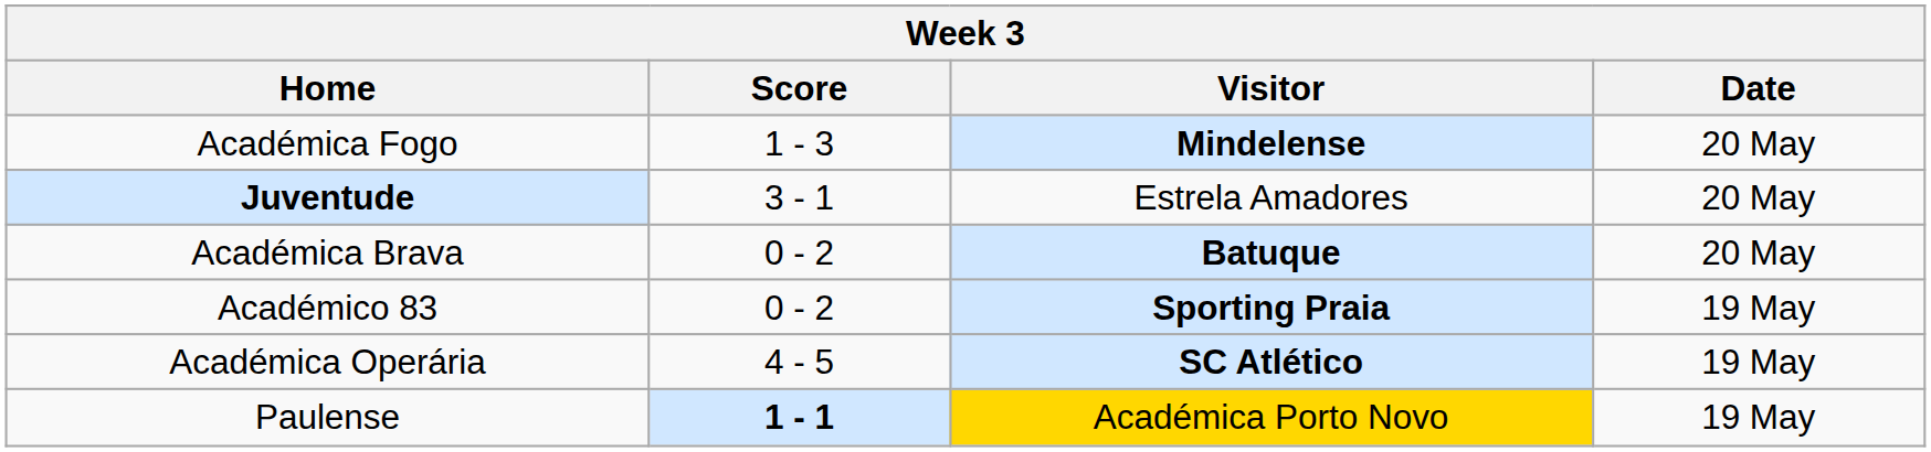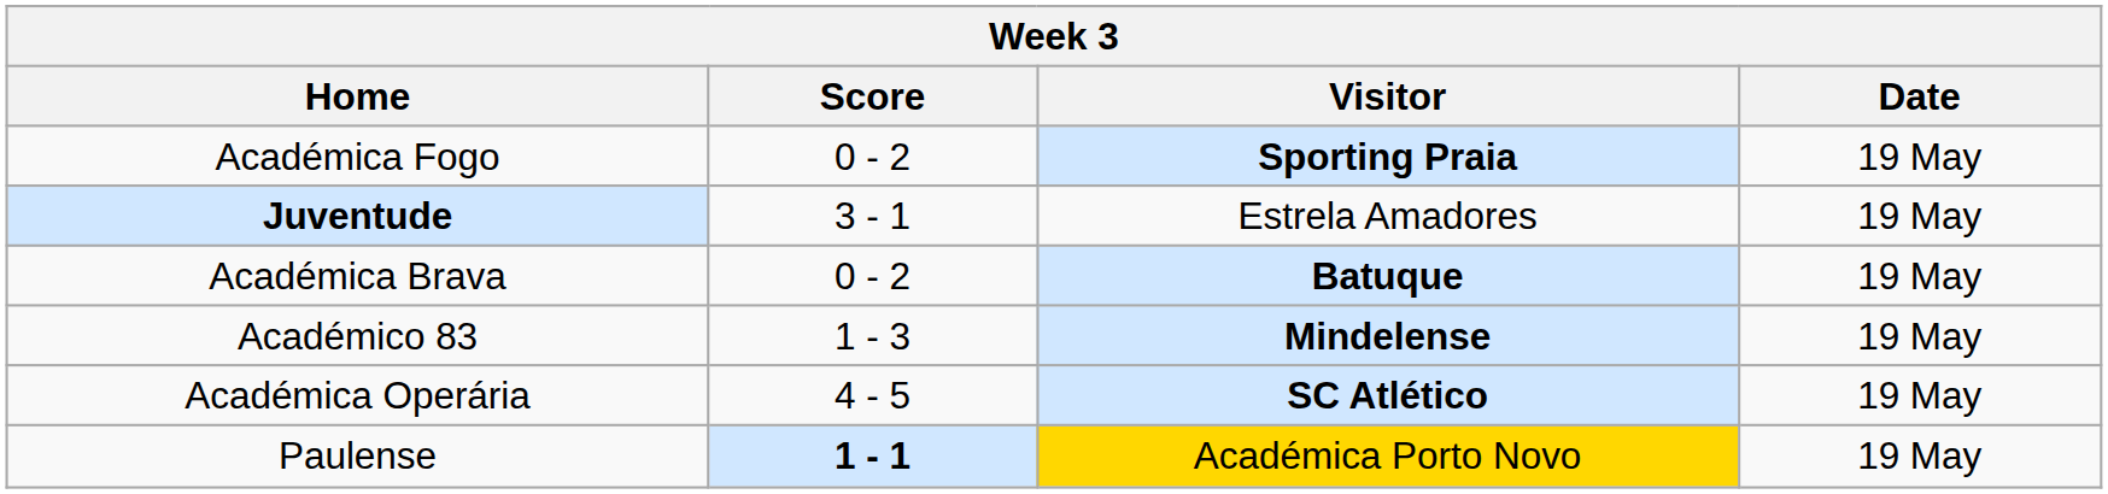 <table class="wikitable" style="font-size:95%; text-align: center; width: 95%; margin:1em auto;">
 <tr>
 <th colspan="12" style="with: 100%;">Week 3</th>
 </tr>
 <tr>
 <th width="200">Home</th>
 <th width="90">Score</th>
 <th width="200">Visitor</th>
 <th width="100">Date</th>
 </tr>
 <tr>
 <td>Académica Fogo</td>
-<td>1 - 3</td>
-<td bgcolor=#D0E7FF><strong>Mindelense</strong></td>
-<td>20 May</td>
+<td>0 - 2</td>
+<td bgcolor=#D0E7FF><strong>Sporting Praia</strong></td>
+<td>19 May</td>
 </tr>
 <tr>
 <td bgcolor=#D0E7FF><strong>Juventude</strong></td>
 <td>3 - 1</td>
 <td>Estrela Amadores</td>
-<td>20 May</td>
+<td>19 May</td>
 </tr>
 <tr>
 <td>Académica Brava</td>
 <td>0 - 2</td>
 <td bgcolor=#D0E7FF><strong>Batuque</strong></td>
-<td>20 May</td>
+<td>19 May</td>
 </tr>
 <tr>
 <td>Académico 83</td>
-<td>0 - 2</td>
-<td bgcolor=#D0E7FF><strong>Sporting Praia</strong></td>
+<td>1 - 3</td>
+<td bgcolor=#D0E7FF><strong>Mindelense</strong></td>
 <td>19 May</td>
 </tr>
 <tr>
 <td>Académica Operária</td>
 <td>4 - 5</td>
 <td bgcolor=#D0E7FF><strong>SC Atlético</strong></td>
 <td>19 May</td>
 </tr>
 <tr>
 <td>Paulense</td>
 <td bgcolor=#D0E7FF><strong>1 - 1</strong></td>
 <td style="background: gold;">Académica Porto Novo</td>
 <td>19 May</td>
 </tr>
 </table>
